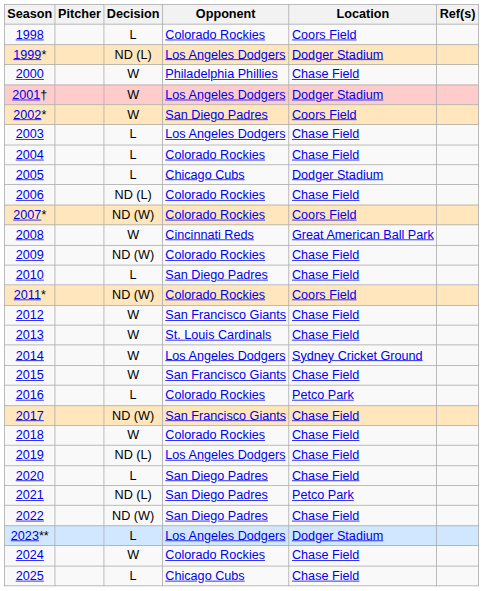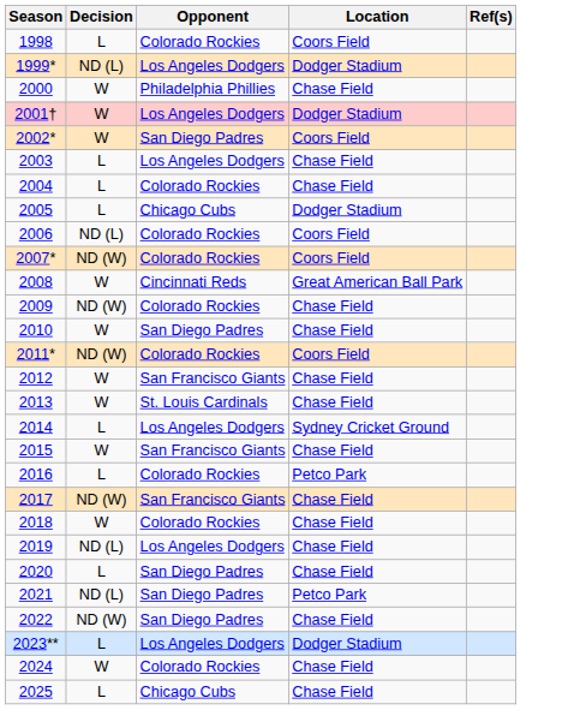 <table class="wikitable sortable plainrowheaders">
 <tr>
 <th scope="col">Season</th>
-<th scope="col">Pitcher</th>
 <th scope="col">Decision</th>
 <th scope="col">Opponent</th>
 <th scope="col">Location</th>
 <th class="unsortable">Ref(s)</th>
 </tr>
 <tr>
 <td align="center"><a href='#'>1998</a></td>
-<td></td>
 <td align="center">L</td>
 <td><a href='#'>Colorado Rockies</a></td>
 <td><a href='#'>Coors Field</a></td>
 <td align="center"></td>
 </tr>
 <tr>
 <td style="background-color: #FFE6BD" align="center"><a href='#'>1999</a>*</td>
-<td style="background-color: #FFE6BD"></td>
 <td style="background-color: #FFE6BD" align="center">ND (L)</td>
 <td style="background-color: #FFE6BD"><a href='#'>Los Angeles Dodgers</a></td>
 <td style="background-color: #FFE6BD"><a href='#'>Dodger Stadium</a></td>
 <td style="background-color: #FFE6BD" align="center"></td>
 </tr>
 <tr>
 <td align="center"><a href='#'>2000</a></td>
-<td> </td>
 <td align="center">W</td>
 <td><a href='#'>Philadelphia Phillies</a></td>
 <td><a href='#'>Chase Field</a></td>
 <td align="center"></td>
 </tr>
 <tr>
 <td style="background-color: #FFCCCC" align="center"><a href='#'>2001</a>†</td>
-<td style="background-color: #FFCCCC"> </td>
 <td style="background-color: #FFCCCC" align="center">W</td>
 <td style="background-color: #FFCCCC"><a href='#'>Los Angeles Dodgers</a></td>
 <td style="background-color: #FFCCCC"><a href='#'>Dodger Stadium</a></td>
 <td style="background-color: #FFCCCC" align="center"></td>
 </tr>
 <tr>
 <td style="background-color: #FFE6BD" align="center"><a href='#'>2002</a>*</td>
-<td style="background-color: #FFE6BD"> </td>
 <td style="background-color: #FFE6BD" align="center">W</td>
 <td style="background-color: #FFE6BD"><a href='#'>San Diego Padres</a></td>
 <td style="background-color: #FFE6BD"><a href='#'>Coors Field</a></td>
 <td style="background-color: #FFE6BD" align="center"></td>
 </tr>
 <tr>
 <td align="center"><a href='#'>2003</a></td>
-<td> </td>
 <td align="center">L</td>
 <td><a href='#'>Los Angeles Dodgers</a></td>
 <td><a href='#'>Chase Field</a></td>
 <td align="center"></td>
 </tr>
 <tr>
 <td align="center"><a href='#'>2004</a></td>
-<td> </td>
 <td align="center">L</td>
 <td><a href='#'>Colorado Rockies</a></td>
 <td><a href='#'>Chase Field</a></td>
 <td align="center"></td>
 </tr>
 <tr>
 <td align="center"><a href='#'>2005</a></td>
-<td></td>
 <td align="center">L</td>
 <td><a href='#'>Chicago Cubs</a></td>
 <td><a href='#'>Dodger Stadium</a></td>
 <td align="center"></td>
 </tr>
 <tr>
 <td align="center"><a href='#'>2006</a></td>
-<td></td>
 <td align="center">ND (L)</td>
 <td><a href='#'>Colorado Rockies</a></td>
-<td><a href='#'>Chase Field</a></td>
+<td><a href='#'>Coors Field</a></td>
 <td align="center"></td>
 </tr>
 <tr>
 <td style="background-color: #FFE6BD" align="center"><a href='#'>2007</a>*</td>
-<td style="background-color: #FFE6BD"> </td>
 <td style="background-color: #FFE6BD" align="center">ND (W)</td>
 <td style="background-color: #FFE6BD"><a href='#'>Colorado Rockies</a></td>
 <td style="background-color: #FFE6BD"><a href='#'>Coors Field</a></td>
 <td style="background-color: #FFE6BD" align="center"></td>
 </tr>
 <tr>
 <td align="center"><a href='#'>2008</a></td>
-<td> </td>
 <td align="center">W</td>
 <td><a href='#'>Cincinnati Reds</a></td>
 <td><a href='#'>Great American Ball Park</a></td>
 <td align="center"></td>
 </tr>
 <tr>
 <td align="center"><a href='#'>2009</a></td>
-<td> </td>
 <td align="center">ND (W)</td>
 <td><a href='#'>Colorado Rockies</a></td>
 <td><a href='#'>Chase Field</a></td>
 <td align="center"></td>
 </tr>
 <tr>
 <td align=center><a href='#'>2010</a></td>
-<td></td>
-<td align="center">L</td>
+<td align=center>W</td>
 <td><a href='#'>San Diego Padres</a></td>
 <td><a href='#'>Chase Field</a></td>
 <td align="center"></td>
 </tr>
 <tr>
 <td style="background-color: #FFE6BD" align="center"><a href='#'>2011</a>*</td>
-<td style="background-color: #FFE6BD"></td>
 <td style="background-color: #FFE6BD" align="center">ND (W)</td>
 <td style="background-color: #FFE6BD"><a href='#'>Colorado Rockies</a></td>
 <td style="background-color: #FFE6BD"><a href='#'>Coors Field</a></td>
 <td style="background-color: #FFE6BD" align="center"></td>
 </tr>
 <tr>
 <td align="center"><a href='#'>2012</a></td>
-<td> </td>
 <td align="center">W</td>
 <td><a href='#'>San Francisco Giants</a></td>
 <td><a href='#'>Chase Field</a></td>
 <td align="center"></td>
 </tr>
 <tr>
 <td align="center"><a href='#'>2013</a></td>
-<td> </td>
 <td align="center">W</td>
 <td><a href='#'>St. Louis Cardinals</a></td>
 <td><a href='#'>Chase Field</a></td>
 <td align="center"></td>
 </tr>
 <tr>
 <td align="center"><a href='#'>2014</a></td>
-<td></td>
-<td align=center>W</td>
+<td align="center">L</td>
 <td><a href='#'>Los Angeles Dodgers</a></td>
 <td><a href='#'>Sydney Cricket Ground</a></td>
 <td align="center"></td>
 </tr>
 <tr>
 <td align="center"><a href='#'>2015</a></td>
-<td></td>
 <td align=center>W</td>
 <td><a href='#'>San Francisco Giants</a></td>
 <td><a href='#'>Chase Field</a></td>
 <td align="center"></td>
 </tr>
 <tr>
 <td align="center"><a href='#'>2016</a></td>
-<td></td>
 <td align="center">L</td>
 <td><a href='#'>Colorado Rockies</a></td>
 <td><a href='#'>Petco Park</a></td>
 <td align="center"></td>
 </tr>
 <tr>
 <td style="background-color: #FFE6BD" align="center"><a href='#'>2017</a></td>
-<td style="background-color: #FFE6BD"> </td>
 <td style="background-color: #FFE6BD" align="center">ND (W)</td>
 <td style="background-color: #FFE6BD"><a href='#'>San Francisco Giants</a></td>
 <td style="background-color: #FFE6BD"><a href='#'>Chase Field</a></td>
 <td style="background-color: #FFE6BD" align="center"></td>
 </tr>
 <tr>
 <td align="center"><a href='#'>2018</a></td>
-<td></td>
 <td align="center">W</td>
 <td><a href='#'>Colorado Rockies</a></td>
 <td><a href='#'>Chase Field</a></td>
 <td align="center"></td>
 </tr>
 <tr>
 <td align="center"><a href='#'>2019</a></td>
-<td> </td>
 <td align="center">ND (L)</td>
 <td><a href='#'>Los Angeles Dodgers</a></td>
 <td><a href='#'>Chase Field</a></td>
 <td align="center"></td>
 </tr>
 <tr>
 <td align="center"><a href='#'>2020</a></td>
-<td></td>
 <td align="center">L</td>
 <td><a href='#'>San Diego Padres</a></td>
 <td><a href='#'>Chase Field</a></td>
 <td align="center"></td>
 </tr>
 <tr>
 <td align="center"><a href='#'>2021</a></td>
-<td> </td>
 <td align="center">ND (L)</td>
 <td><a href='#'>San Diego Padres</a></td>
 <td><a href='#'>Petco Park</a></td>
 <td align="center"></td>
 </tr>
 <tr>
 <td align="center"><a href='#'>2022</a></td>
-<td> </td>
 <td align="center">ND (W)</td>
 <td><a href='#'>San Diego Padres</a></td>
 <td><a href='#'>Chase Field</a></td>
 <td align="center"></td>
 </tr>
 <tr>
 <td style="background-color: #D0E7FF" align="center"><a href='#'>2023</a>**</td>
-<td style="background-color: #D0E7FF"></td>
 <td style="background-color: #D0E7FF" align="center">L</td>
 <td style="background-color: #D0E7FF"><a href='#'>Los Angeles Dodgers</a></td>
 <td style="background-color: #D0E7FF"><a href='#'>Dodger Stadium</a></td>
 <td style="background-color: #D0E7FF" align="center"></td>
 </tr>
 <tr>
 <td align="center"><a href='#'>2024</a></td>
-<td> </td>
 <td align="center">W</td>
 <td><a href='#'>Colorado Rockies</a></td>
 <td><a href='#'>Chase Field</a></td>
 <td align="center"></td>
 </tr>
 <tr>
 <td align="center"><a href='#'>2025</a></td>
-<td> </td>
 <td align="center">L</td>
 <td><a href='#'>Chicago Cubs</a></td>
 <td><a href='#'>Chase Field</a></td>
 <td align="center"></td>
 </tr>
 </table>
